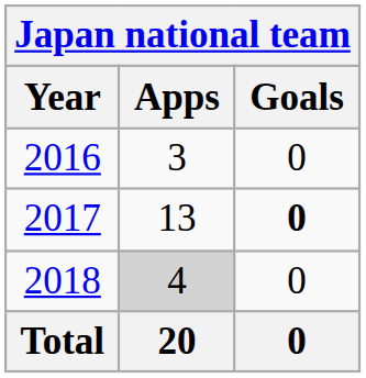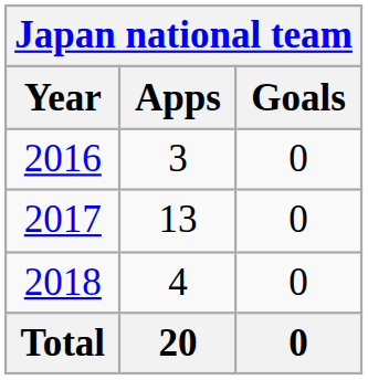 <table class="wikitable" style="text-align:center">
 <tr>
 <th colspan=3><a href='#'>Japan national team</a></th>
 </tr>
 <tr>
 <th>Year</th>
 <th>Apps</th>
 <th>Goals</th>
 </tr>
 <tr>
 <td><a href='#'>2016</a></td>
 <td>3</td>
 <td>0</td>
 </tr>
 <tr>
 <td><a href='#'>2017</a></td>
 <td>13</td>
-<td><strong>0</strong></td>
+<td>0</td>
 </tr>
 <tr>
 <td><a href='#'>2018</a></td>
-<td style="background: lightgrey;">4</td>
+<td>4</td>
 <td>0</td>
 </tr>
 <tr>
 <th>Total</th>
 <th>20</th>
 <th>0</th>
 </tr>
 </table>
